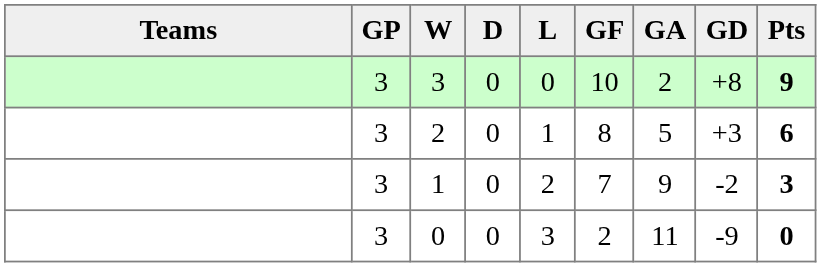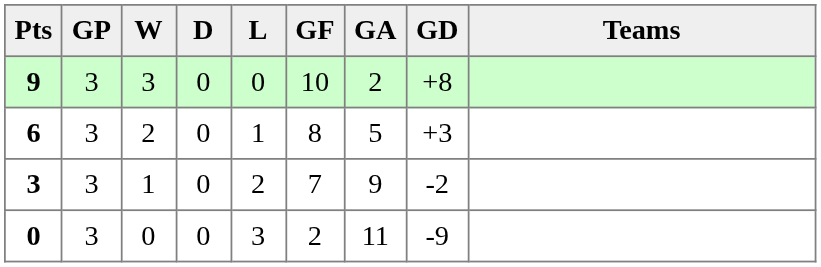 <table style=border-collapse:collapse border=1 cellspacing=0 cellpadding=5>
 <tr align=center bgcolor=#efefef>
-<th width=185>Teams</th>
+<th width=20>Pts<br></th>
 <th width=20>GP</th>
 <th width=20>W</th>
 <th width=20>D</th>
 <th width=20>L</th>
 <th width=20>GF</th>
 <th width=20>GA</th>
 <th width=20>GD</th>
-<th width=20>Pts<br></th>
+<th width=185>Teams</th>
 </tr>
 <tr align=center bgcolor="ccffcc">
-<td style="text-align:left;"></td>
+<td><strong>9</strong></td>
 <td>3</td>
 <td>3</td>
 <td>0</td>
 <td>0</td>
 <td>10</td>
 <td>2</td>
 <td>+8</td>
-<td><strong>9</strong></td>
+<td style="text-align:left;"></td>
 </tr>
 <tr align=center>
-<td style="text-align:left;"></td>
+<td><strong>6</strong></td>
 <td>3</td>
 <td>2</td>
 <td>0</td>
 <td>1</td>
 <td>8</td>
 <td>5</td>
 <td>+3</td>
-<td><strong>6</strong></td>
+<td style="text-align:left;"></td>
 </tr>
 <tr align=center>
-<td style="text-align:left;"></td>
+<td><strong>3</strong></td>
 <td>3</td>
 <td>1</td>
 <td>0</td>
 <td>2</td>
 <td>7</td>
 <td>9</td>
 <td>-2</td>
-<td><strong>3</strong></td>
+<td style="text-align:left;"></td>
 </tr>
 <tr align=center>
-<td style="text-align:left;"></td>
+<td><strong>0</strong></td>
 <td>3</td>
 <td>0</td>
 <td>0</td>
 <td>3</td>
 <td>2</td>
 <td>11</td>
 <td>-9</td>
-<td><strong>0</strong></td>
+<td style="text-align:left;"></td>
 </tr>
 </table>
